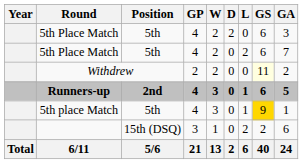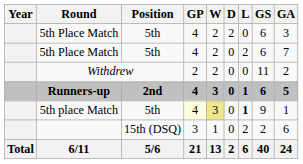 <table class="wikitable plainrowheaders sortable" style="text-align: center;">
 <tr>
 <th scope="col">Year</th>
 <th scope="col">Round</th>
 <th scope="col">Position</th>
 <th scope="col">GP</th>
 <th scope="col">W</th>
 <th scope="col">D</th>
 <th scope="col">L</th>
 <th scope="col">GS</th>
 <th scope="col">GA</th>
 </tr>
 <tr>
 <th scope="row"></th>
 <td>5th Place Match</td>
 <td>5th</td>
 <td>4</td>
 <td>2</td>
 <td>2</td>
 <td>0</td>
 <td>6</td>
 <td>3</td>
 </tr>
 <tr>
 <th scope="row"></th>
 <td>5th Place Match</td>
 <td>5th</td>
 <td>4</td>
 <td>2</td>
 <td>0</td>
 <td>2</td>
 <td>6</td>
 <td>7</td>
 </tr>
 <tr>
 <th scope="row"></th>
 <td colspan=2><em>Withdrew</em></td>
 <td>2</td>
 <td>2</td>
 <td>0</td>
 <td>0</td>
-<td style="background: lightyellow;">11</td>
+<td>11</td>
 <td>2</td>
 </tr>
 <tr style="background: silver;">
 <th scope="row" style="background: silver;"></th>
 <td><strong>Runners-up</strong></td>
 <td><strong>2nd</strong></td>
 <td><strong>4</strong></td>
 <td><strong>3</strong></td>
 <td><strong>0</strong></td>
 <td><strong>1</strong></td>
 <td><strong>6</strong></td>
 <td><strong>5</strong></td>
 </tr>
 <tr>
 <th scope="row"></th>
 <td>5th place Match</td>
 <td>5th</td>
-<td>4</td>
-<td>3</td>
+<td style="background: lightyellow;">4</td>
+<td style="background: khaki;">3</td>
 <td>0</td>
-<td>1</td>
-<td style="background: gold;">9</td>
+<td><strong>1</strong></td>
+<td>9</td>
 <td>1</td>
 </tr>
 <tr>
 <th scope="row"></th>
 <td></td>
 <td>15th (DSQ)</td>
 <td>3</td>
 <td>1</td>
 <td>0</td>
 <td>2</td>
 <td>2</td>
 <td>6</td>
 </tr>
 <tr class="sortbottom">
 <th>Total</th>
 <th>6/11</th>
 <th>5/6</th>
 <th>21</th>
 <th>13</th>
 <th>2</th>
 <th>6</th>
 <th>40</th>
 <th>24</th>
 </tr>
 </table>
